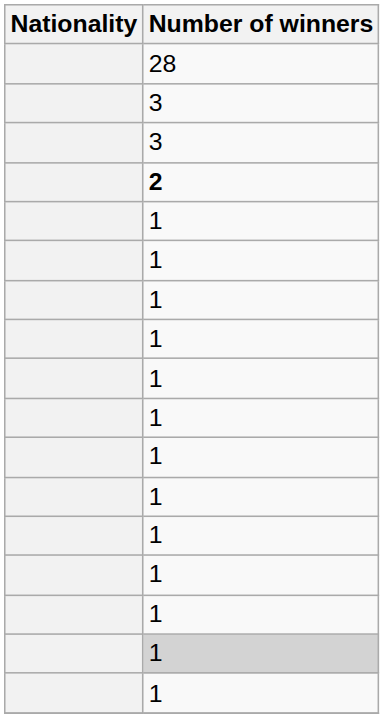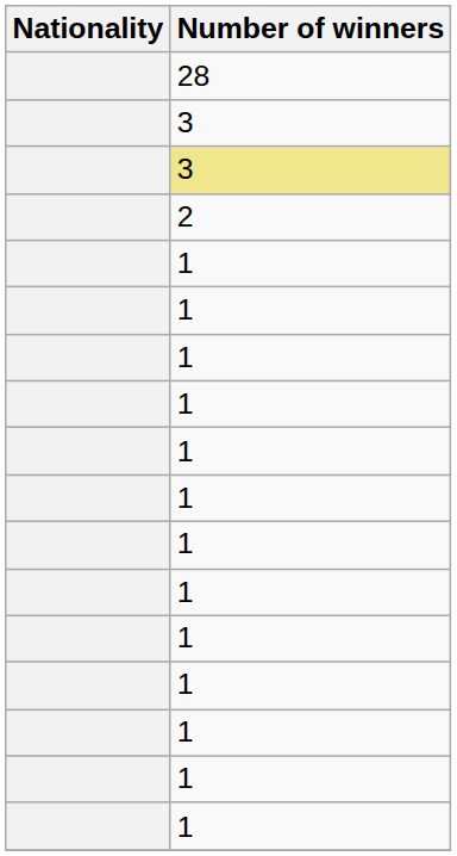 <table class="wikitable plainrowheaders">
 <tr>
 <th scope="col">Nationality</th>
 <th scope="col">Number of winners</th>
 </tr>
 <tr>
 <th scope="row"></th>
 <td>28</td>
 </tr>
 <tr>
 <th scope="row"></th>
 <td>3</td>
 </tr>
 <tr>
 <th scope="row"></th>
-<td>3</td>
+<td style="background: khaki;">3</td>
 </tr>
 <tr>
 <th scope="row"></th>
-<td><strong>2</strong></td>
+<td>2</td>
 </tr>
 <tr>
 <th scope="row"></th>
 <td>1</td>
 </tr>
 <tr>
 <th scope="row"></th>
 <td>1</td>
 </tr>
 <tr>
 <th scope="row"></th>
 <td>1</td>
 </tr>
 <tr>
 <th scope="row"></th>
 <td>1</td>
 </tr>
 <tr>
 <th scope="row"></th>
 <td>1</td>
 </tr>
 <tr>
 <th scope="row"></th>
 <td>1</td>
 </tr>
 <tr>
 <th scope="row"></th>
 <td>1</td>
 </tr>
 <tr>
 <th scope="row"></th>
 <td>1</td>
 </tr>
 <tr>
 <th scope="row"></th>
 <td>1</td>
 </tr>
 <tr>
 <th scope="row"></th>
 <td>1</td>
 </tr>
 <tr>
 <th scope="row"></th>
 <td>1</td>
 </tr>
 <tr>
 <th scope="row"></th>
-<td style="background: lightgrey;">1</td>
+<td>1</td>
 </tr>
 <tr>
 <th scope="row"></th>
 <td>1</td>
 </tr>
 <tr>
 </tr>
 </table>
